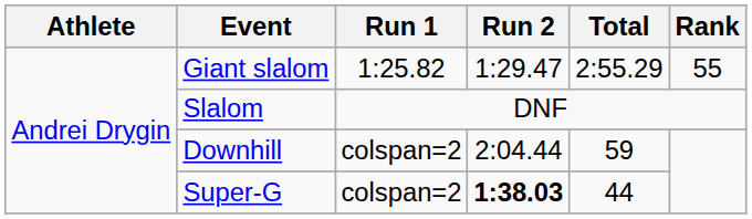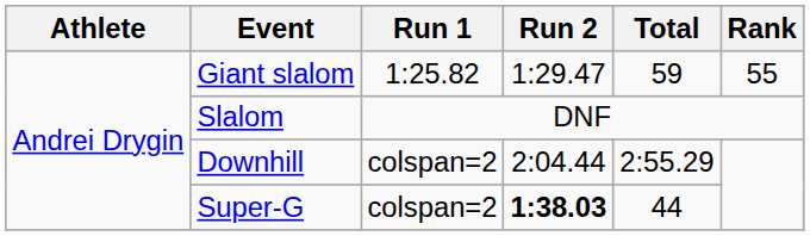 <table class="wikitable" style="font-size:90%">
 <tr>
 <th>Athlete</th>
 <th>Event</th>
 <th>Run 1</th>
 <th>Run 2</th>
 <th>Total</th>
 <th>Rank</th>
 </tr>
 <tr align="center">
 <td align=left rowspan=4><a href='#'>Andrei Drygin</a></td>
 <td><a href='#'>Giant slalom</a></td>
 <td>1:25.82</td>
 <td>1:29.47</td>
-<td>2:55.29</td>
+<td>59</td>
 <td>55</td>
 </tr>
 <tr align="center">
 <td align=left><a href='#'>Slalom</a></td>
 <td colspan=4>DNF</td>
 </tr>
 <tr align="center">
 <td align="left"><a href='#'>Downhill</a></td>
 <td>colspan=2 </td>
 <td>2:04.44</td>
-<td>59</td>
+<td>2:55.29</td>
 </tr>
 <tr align="center">
 <td align="left"><a href='#'>Super-G</a></td>
 <td>colspan=2 </td>
 <td><strong>1:38.03</strong></td>
 <td>44</td>
 </tr>
 </table>
